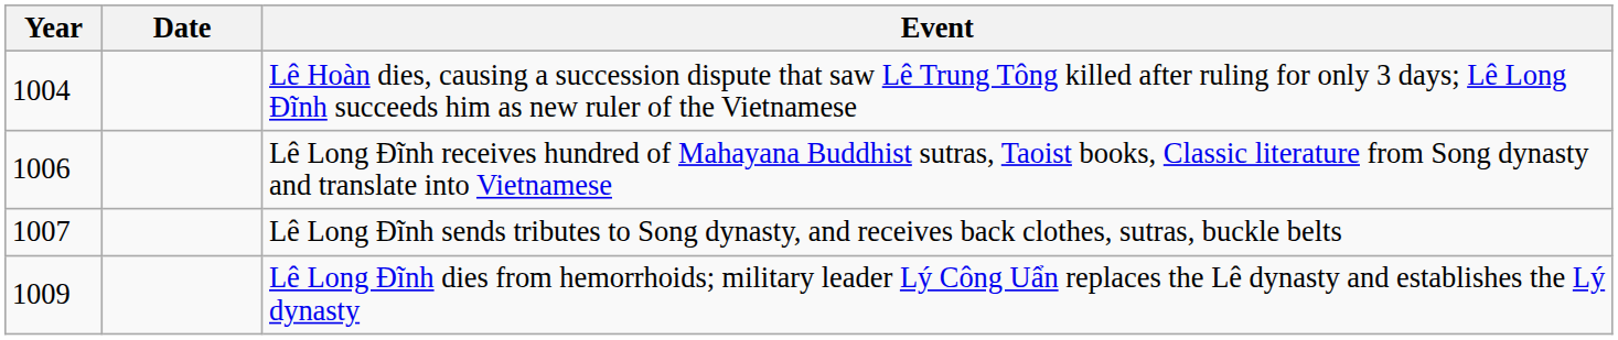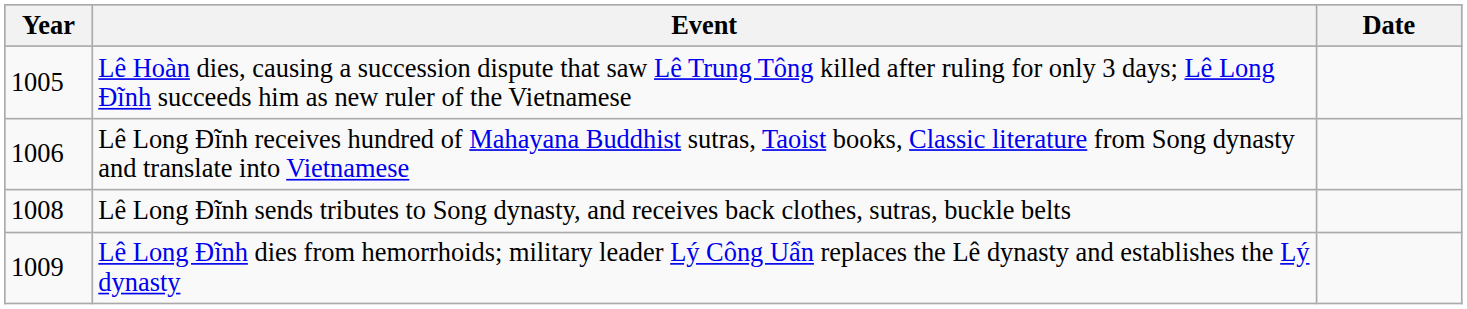 <table class="wikitable" width="100%">
 <tr>
 <th style="width:6%">Year</th>
+<th>Event</th>
 <th style="width:10%">Date</th>
-<th>Event</th>
 </tr>
 <tr>
-<td>1004</td>
+<td>1005</td>
+<td><a href='#'>Lê Hoàn</a> dies, causing a succession dispute that saw <a href='#'>Lê Trung Tông</a> killed after ruling for only 3 days; <a href='#'>Lê Long Đĩnh</a> succeeds him as new ruler of the Vietnamese</td>
 <td></td>
-<td><a href='#'>Lê Hoàn</a> dies, causing a succession dispute that saw <a href='#'>Lê Trung Tông</a> killed after ruling for only 3 days; <a href='#'>Lê Long Đĩnh</a> succeeds him as new ruler of the Vietnamese</td>
 </tr>
 <tr>
 <td>1006</td>
+<td>Lê Long Đĩnh receives hundred of <a href='#'>Mahayana Buddhist</a> sutras, <a href='#'>Taoist</a> books, <a href='#'>Classic literature</a> from Song dynasty and translate into <a href='#'>Vietnamese</a></td>
 <td></td>
-<td>Lê Long Đĩnh receives hundred of <a href='#'>Mahayana Buddhist</a> sutras, <a href='#'>Taoist</a> books, <a href='#'>Classic literature</a> from Song dynasty and translate into <a href='#'>Vietnamese</a></td>
 </tr>
 <tr>
-<td>1007</td>
+<td>1008</td>
+<td>Lê Long Đĩnh sends tributes to Song dynasty, and receives back clothes, sutras, buckle belts</td>
 <td></td>
-<td>Lê Long Đĩnh sends tributes to Song dynasty, and receives back clothes, sutras, buckle belts</td>
 </tr>
 <tr>
 <td>1009</td>
+<td><a href='#'>Lê Long Đĩnh</a> dies from hemorrhoids; military leader <a href='#'>Lý Công Uẩn</a> replaces the Lê dynasty and establishes the <a href='#'>Lý dynasty</a></td>
 <td></td>
-<td><a href='#'>Lê Long Đĩnh</a> dies from hemorrhoids; military leader <a href='#'>Lý Công Uẩn</a> replaces the Lê dynasty and establishes the <a href='#'>Lý dynasty</a></td>
 </tr>
 </table>
